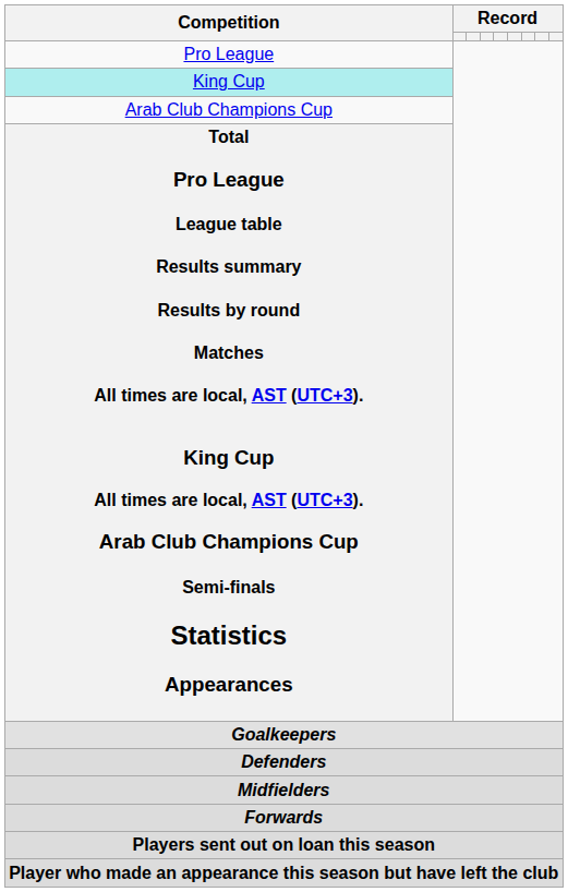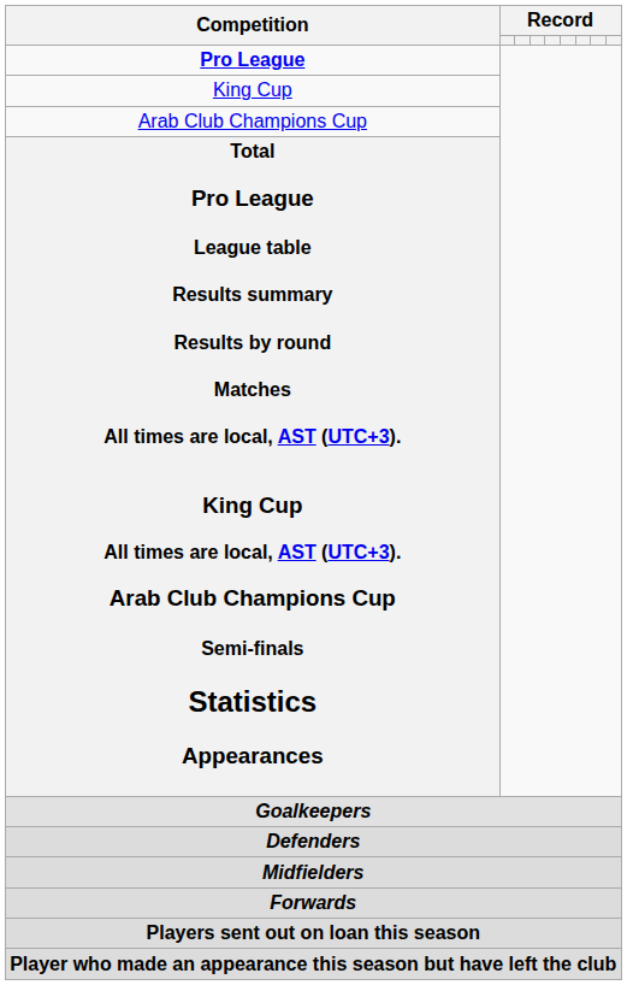 <table class="wikitable" style="text-align: center">
 <tr>
 <th rowspan=2>Competition</th>
 <th colspan=8>Record</th>
 </tr>
 <tr>
 <th></th>
 <th></th>
 <th></th>
 <th></th>
 <th></th>
 <th></th>
 <th></th>
 <th></th>
 </tr>
 <tr>
-<td><a href='#'>Pro League</a><br></td>
+<td><strong><a href='#'>Pro League</a><br></strong></td>
 </tr>
 <tr>
-<td style="background: paleturquoise;"><a href='#'>King Cup</a><br></td>
+<td><a href='#'>King Cup</a><br></td>
 </tr>
 <tr>
 <td><a href='#'>Arab Club Champions Cup</a><br></td>
 </tr>
 <tr>
 <th>Total<br> <h3>Pro League</h3><h4>League table</h4><h4>Results summary</h4> <h4>Results by round</h4><h4>Matches</h4>All times are local, <a href='#'>AST</a> (<a href='#'>UTC+3</a>).<br>   <br>                             <h3>King Cup</h3> All times are local, <a href='#'>AST</a> (<a href='#'>UTC+3</a>).<br> <h3>Arab Club Champions Cup</h3><h4>Semi-finals</h4> <h2>Statistics</h2><h3>Appearances</h3></th>
 </tr>
 <tr>
 <th colspan=18 style=background:#dcdcdcdc; text-align:center><em>Goalkeepers</em><br>   </th>
 </tr>
 <tr>
 <th colspan=16 style=background:#dcdcdc; text-align:center><em>Defenders</em><br>         </th>
 </tr>
 <tr>
 <th colspan=16 style=background:#dcdcdc; text-align:center><em>Midfielders</em><br>            </th>
 </tr>
 <tr>
 <th colspan=16 style=background:#dcdcdc; text-align:center><em>Forwards</em><br>   </th>
 </tr>
 <tr>
 <th colspan=18 style=background:#dcdcdc; text-align:center>Players sent out on loan this season<br> </th>
 </tr>
 <tr>
 <th colspan=18 style=background:#dcdcdc; text-align:center>Player who made an appearance this season but have left the club<br></th>
 </tr>
 </table>
